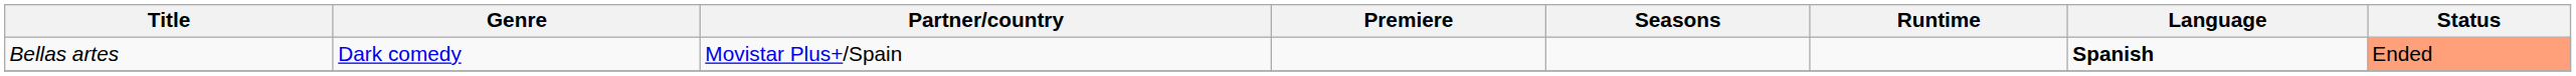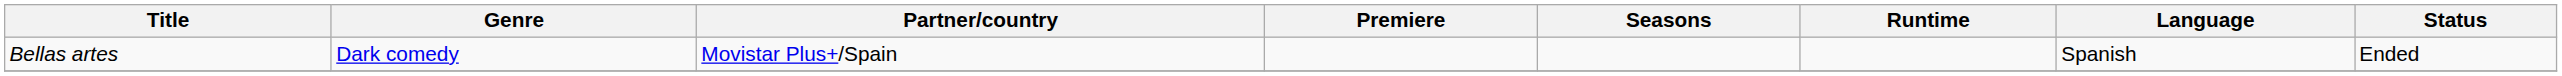 <table class="wikitable plainrowheaders sortable" style="width:99%;">
 <tr>
 <th>Title</th>
 <th>Genre</th>
 <th>Partner/country</th>
 <th>Premiere</th>
 <th>Seasons</th>
 <th>Runtime</th>
 <th>Language</th>
 <th>Status</th>
 </tr>
 <tr>
 <td><em>Bellas artes</em></td>
 <td><a href='#'>Dark comedy</a></td>
 <td><a href='#'>Movistar Plus+</a>/Spain</td>
 <td></td>
 <td></td>
 <td></td>
-<td><strong>Spanish</strong></td>
-<td style="background: lightsalmon;">Ended</td>
+<td>Spanish</td>
+<td>Ended</td>
 </tr>
 <tr>
 </tr>
 </table>
